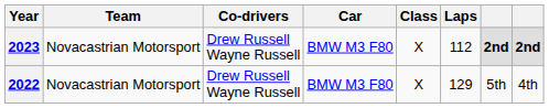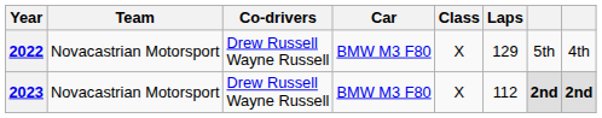 <table class="wikitable" style="font-size:90%; text-align:center">
 <tr>
 <th>Year</th>
 <th>Team</th>
 <th>Co-drivers</th>
 <th>Car</th>
 <th>Class</th>
 <th>Laps</th>
 <th></th>
 <th></th>
 </tr>
 <tr>
+<th><a href='#'>2022</a></th>
+<td align="left"> Novacastrian Motorsport</td>
+<td align="left"> <a href='#'>Drew Russell</a><br> Wayne Russell</td>
+<td align="left"><a href='#'>BMW M3 F80</a></td>
+<td>X</td>
+<td align=center>129</td>
+<td>5th</td>
+<td>4th</td>
+</tr>
+<tr>
 <th><a href='#'>2023</a></th>
 <td align="left"> Novacastrian Motorsport</td>
 <td align="left"> <a href='#'>Drew Russell</a><br> Wayne Russell</td>
 <td align="left"><a href='#'>BMW M3 F80</a></td>
 <td>X</td>
 <td align=center>112</td>
 <td style="background:#DFDFDF"><strong>2nd</strong></td>
 <td style="background:#DFDFDF"><strong>2nd</strong></td>
 </tr>
-<tr>
-<th><a href='#'>2022</a></th>
-<td align="left"> Novacastrian Motorsport</td>
-<td align="left"> <a href='#'>Drew Russell</a><br> Wayne Russell</td>
-<td align="left"><a href='#'>BMW M3 F80</a></td>
-<td>X</td>
-<td align=center>129</td>
-<td>5th</td>
-<td>4th</td>
-</tr>
 </table>
